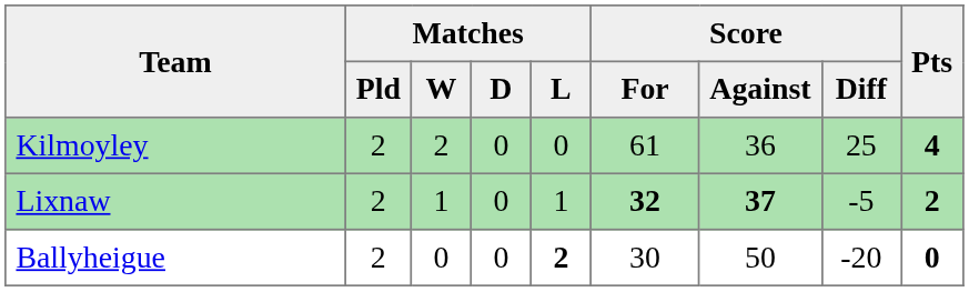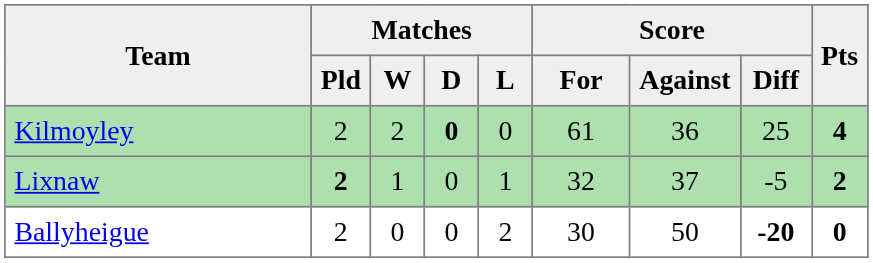 <table style=border-collapse:collapse border=1 cellspacing=0 cellpadding=5>
 <tr align=center bgcolor=#efefef>
 <th rowspan=2 width=165>Team</th>
 <th colspan=4>Matches</th>
 <th colspan=3>Score</th>
 <th rowspan=2width=20>Pts</th>
 </tr>
 <tr align=center bgcolor=#efefef>
 <th width=20>Pld</th>
 <th width=20>W</th>
 <th width=20>D</th>
 <th width=20>L</th>
 <th width=45>For</th>
 <th width=45>Against</th>
 <th width=30>Diff</th>
 </tr>
 <tr align=center style="background:#ACE1AF;">
 <td style="text-align:left;"><a href='#'>Kilmoyley</a></td>
 <td>2</td>
 <td>2</td>
-<td>0</td>
+<td><strong>0</strong></td>
 <td>0</td>
 <td>61</td>
 <td>36</td>
 <td>25</td>
 <td><strong>4</strong></td>
 </tr>
 <tr align=center style="background:#ACE1AF;">
 <td style="text-align:left;"><a href='#'>Lixnaw</a></td>
-<td>2</td>
+<td><strong>2</strong></td>
 <td>1</td>
 <td>0</td>
 <td>1</td>
-<td><strong>32</strong></td>
-<td><strong>37</strong></td>
+<td>32</td>
+<td>37</td>
 <td>-5</td>
 <td><strong>2</strong></td>
 </tr>
 <tr align=center>
 <td style="text-align:left;"><a href='#'>Ballyheigue</a></td>
 <td>2</td>
 <td>0</td>
 <td>0</td>
-<td><strong>2</strong></td>
+<td>2</td>
 <td>30</td>
 <td>50</td>
-<td>-20</td>
+<td><strong>-20</strong></td>
 <td><strong>0</strong></td>
 </tr>
 </table>
